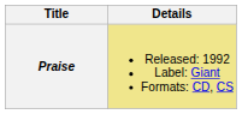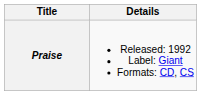 <table class="wikitable plainrowheaders" style="text-align:center;">
 <tr>
 <th scope="col" style="width:8em;">Title</th>
 <th scope="col">Details</th>
 </tr>
 <tr>
 <th scope="row"><em>Praise</em></th>
-<td style="background: khaki;"><br><ul><li>Released: 1992</li><li>Label: <a href='#'>Giant</a></li><li>Formats: <a href='#'>CD</a>, <a href='#'>CS</a></li></ul></td>
+<td><br><ul><li>Released: 1992</li><li>Label: <a href='#'>Giant</a></li><li>Formats: <a href='#'>CD</a>, <a href='#'>CS</a></li></ul></td>
 </tr>
 </table>
